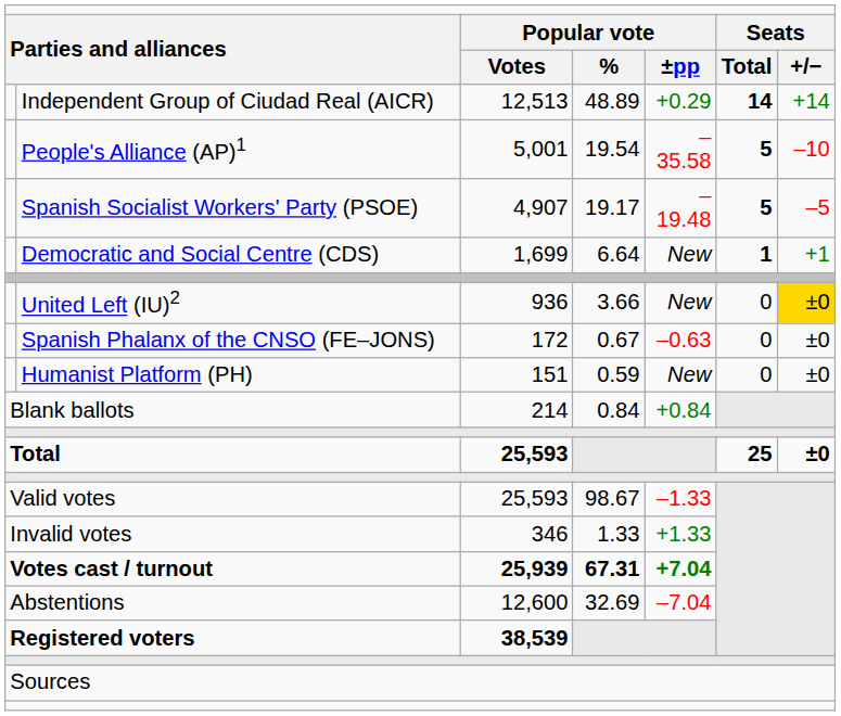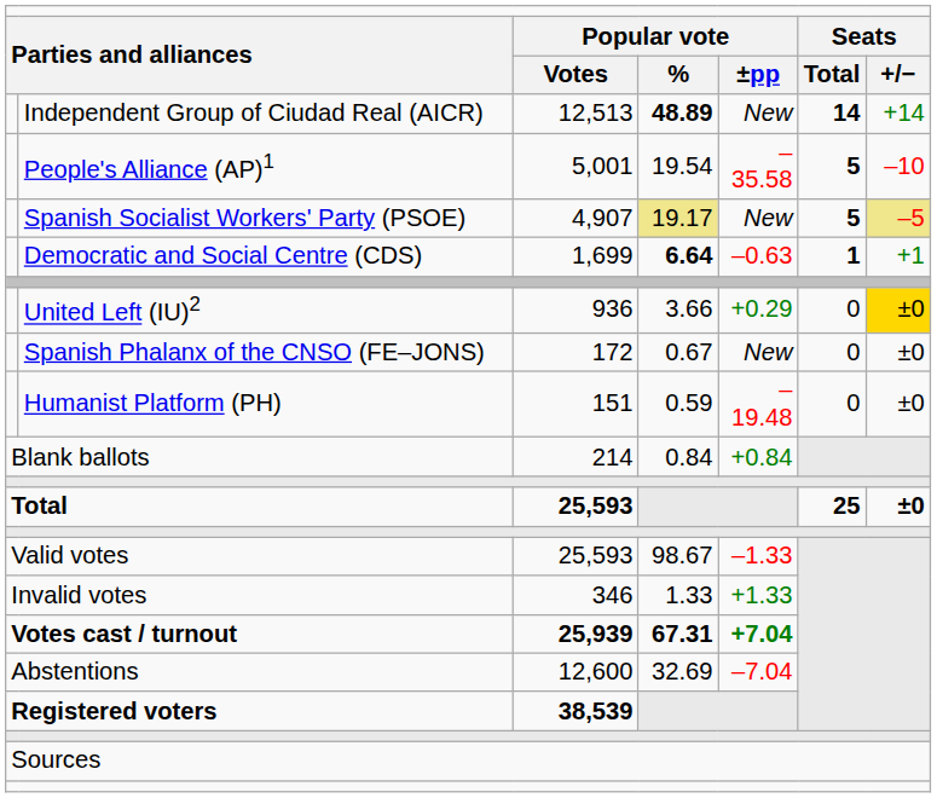 <table class="wikitable" style="text-align:right;">
 <tr>
 <td colspan="7"></td>
 </tr>
 <tr>
 <th style="text-align:left;" rowspan="2" colspan="2" width="525">Parties and alliances</th>
 <th colspan="3">Popular vote</th>
 <th colspan="2">Seats</th>
 </tr>
 <tr>
 <th width="75">Votes</th>
 <th width="45">%</th>
 <th width="45">±<a href='#'>pp</a></th>
 <th width="35">Total</th>
 <th width="35">+/−</th>
 </tr>
 <tr>
 <td width="1" style="color:inherit;background:"></td>
 <td align="left">Independent Group of Ciudad Real (AICR)</td>
 <td>12,513</td>
-<td>48.89</td>
-<td style="color:green;">+0.29</td>
+<td><strong>48.89</strong></td>
+<td><em>New</em></td>
 <td><strong>14</strong></td>
 <td style="color:green;">+14</td>
 </tr>
 <tr>
 <td style="color:inherit;background:"></td>
 <td align="left"><a href='#'>People's Alliance</a> (AP)<sup>1</sup></td>
 <td>5,001</td>
 <td>19.54</td>
 <td style="color:red;">–35.58</td>
 <td><strong>5</strong></td>
 <td style="color:red;">–10</td>
 </tr>
 <tr>
 <td style="color:inherit;background:"></td>
 <td align="left"><a href='#'>Spanish Socialist Workers' Party</a> (PSOE)</td>
 <td>4,907</td>
-<td>19.17</td>
-<td style="color:red;">–19.48</td>
+<td style="background: khaki;">19.17</td>
+<td><em>New</em></td>
 <td><strong>5</strong></td>
-<td style="color:red;">–5</td>
+<td style="background: khaki; color:red;">–5</td>
 </tr>
 <tr>
 <td style="color:inherit;background:"></td>
 <td align="left"><a href='#'>Democratic and Social Centre</a> (CDS)</td>
 <td>1,699</td>
-<td>6.64</td>
-<td><em>New</em></td>
+<td><strong>6.64</strong></td>
+<td style="color:red;">–0.63</td>
 <td><strong>1</strong></td>
 <td style="color:green;">+1</td>
 </tr>
 <tr>
 <td colspan="7" bgcolor="#C0C0C0"></td>
 </tr>
 <tr>
 <td style="color:inherit;background:"></td>
 <td align="left"><a href='#'>United Left</a> (IU)<sup>2</sup></td>
 <td>936</td>
 <td>3.66</td>
-<td><em>New</em></td>
+<td style="color:green;">+0.29</td>
 <td>0</td>
 <td style="background: gold;">±0</td>
 </tr>
 <tr>
 <td style="color:inherit;background:"></td>
 <td align="left"><a href='#'>Spanish Phalanx of the CNSO</a> (FE–JONS)</td>
 <td>172</td>
 <td>0.67</td>
-<td style="color:red;">–0.63</td>
+<td><em>New</em></td>
 <td>0</td>
 <td>±0</td>
 </tr>
 <tr>
 <td style="color:inherit;background:"></td>
 <td align="left"><a href='#'>Humanist Platform</a> (PH)</td>
 <td>151</td>
 <td>0.59</td>
-<td><em>New</em></td>
+<td style="color:red;">–19.48</td>
 <td>0</td>
 <td>±0</td>
 </tr>
 <tr>
 <td align="left" colspan="2">Blank ballots</td>
 <td>214</td>
 <td>0.84</td>
 <td style="color:green;">+0.84</td>
 <td bgcolor="#E9E9E9" colspan="2"></td>
 </tr>
 <tr>
 <td colspan="7" bgcolor="#E9E9E9"></td>
 </tr>
 <tr style="font-weight:bold;">
 <td align="left" colspan="2">Total</td>
 <td>25,593</td>
 <td bgcolor="#E9E9E9" colspan="2"></td>
 <td>25</td>
 <td>±0</td>
 </tr>
 <tr>
 <td colspan="7" bgcolor="#E9E9E9"></td>
 </tr>
 <tr>
 <td align="left" colspan="2">Valid votes</td>
 <td>25,593</td>
 <td>98.67</td>
 <td style="color:red;">–1.33</td>
 <td bgcolor="#E9E9E9" colspan="2" rowspan="5"></td>
 </tr>
 <tr>
 <td align="left" colspan="2">Invalid votes</td>
 <td>346</td>
 <td>1.33</td>
 <td style="color:green;">+1.33</td>
 </tr>
 <tr style="font-weight:bold;">
 <td align="left" colspan="2">Votes cast / turnout</td>
 <td>25,939</td>
 <td>67.31</td>
 <td style="color:green;">+7.04</td>
 </tr>
 <tr>
 <td align="left" colspan="2">Abstentions</td>
 <td>12,600</td>
 <td>32.69</td>
 <td style="color:red;">–7.04</td>
 </tr>
 <tr style="font-weight:bold;">
 <td align="left" colspan="2">Registered voters</td>
 <td>38,539</td>
 <td bgcolor="#E9E9E9" colspan="2"></td>
 </tr>
 <tr>
 <td colspan="7" bgcolor="#E9E9E9"></td>
 </tr>
 <tr>
 <td align="left" colspan="7">Sources</td>
 </tr>
 <tr>
 <td colspan="7" style="text-align:left; max-width:790px;"></td>
 </tr>
 </table>
